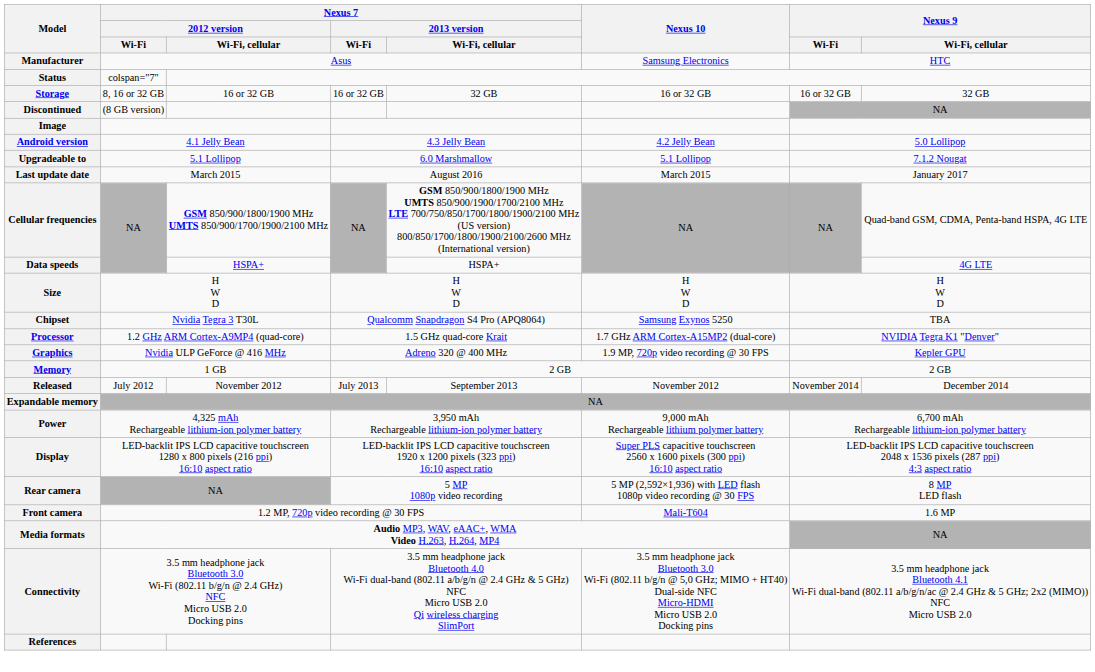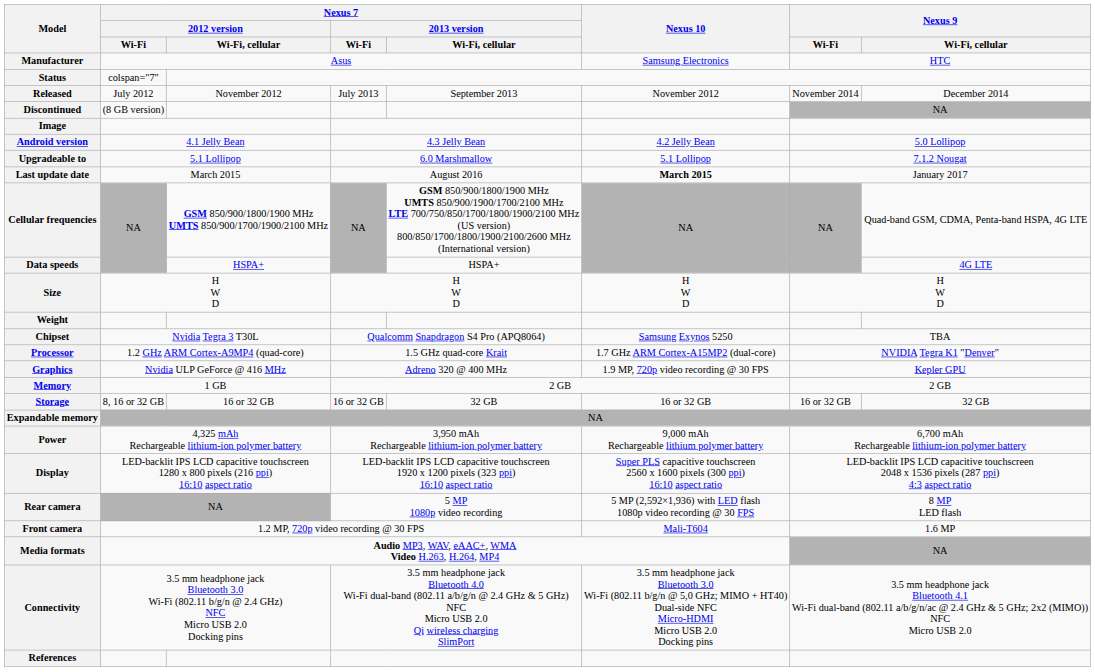 <table class="wikitable" style="text-align:center">
 <tr>
 <th rowspan="3">Model</th>
 <th colspan="4"><a href='#'>Nexus 7</a></th>
 <th rowspan="3"><a href='#'>Nexus 10</a></th>
 <th colspan="2" rowspan="2"><a href='#'>Nexus 9</a></th>
 </tr>
 <tr>
 <th colspan="2"><a href='#'>2012 version</a></th>
 <th colspan="2"><a href='#'>2013 version</a></th>
 </tr>
 <tr>
 <th>Wi-Fi</th>
 <th>Wi-Fi, cellular</th>
 <th>Wi-Fi</th>
 <th>Wi-Fi, cellular</th>
 <th>Wi-Fi</th>
 <th>Wi-Fi, cellular</th>
 </tr>
 <tr>
 <th>Manufacturer</th>
 <td colspan="4"><a href='#'>Asus</a></td>
 <td><a href='#'>Samsung Electronics</a></td>
 <td colspan="2"><a href='#'>HTC</a></td>
 </tr>
 <tr>
 <th>Status</th>
 <td>colspan="7" </td>
 </tr>
 <tr>
-<th><a href='#'>Storage</a></th>
-<td>8, 16 or 32 GB</td>
-<td>16 or 32 GB</td>
-<td>16 or 32 GB</td>
-<td>32 GB</td>
-<td>16 or 32 GB</td>
-<td>16 or 32 GB</td>
-<td>32 GB</td>
+<th>Released</th>
+<td>July 2012</td>
+<td>November 2012</td>
+<td>July 2013</td>
+<td>September 2013</td>
+<td>November 2012</td>
+<td>November 2014</td>
+<td>December 2014</td>
 </tr>
 <tr>
 <th>Discontinued</th>
 <td> (8 GB version)<br></td>
 <td></td>
 <td></td>
 <td></td>
 <td></td>
 <td colspan="2" style="background:rgb(70%,70%,70%);">NA</td>
 </tr>
 <tr>
 <th>Image</th>
 <td colspan="2"></td>
 <td colspan="2"></td>
 <td></td>
 <td colspan="2"></td>
 </tr>
 <tr>
 <th><a href='#'>Android version</a></th>
 <td colspan="2"><a href='#'>4.1 Jelly Bean</a></td>
 <td colspan="2"><a href='#'>4.3 Jelly Bean</a></td>
 <td><a href='#'>4.2 Jelly Bean</a></td>
 <td colspan="2"><a href='#'>5.0 Lollipop</a></td>
 </tr>
 <tr>
 <th><strong>Upgradeable to</strong></th>
 <td colspan="2"><a href='#'>5.1 Lollipop</a></td>
 <td colspan="2"><a href='#'>6.0 Marshmallow</a></td>
 <td colspan="1"><a href='#'>5.1 Lollipop</a></td>
 <td colspan="2"><a href='#'>7.1.2 Nougat</a></td>
 </tr>
 <tr>
 <th>Last update date</th>
 <td colspan="2">March 2015</td>
 <td colspan="2">August 2016</td>
-<td colspan="1">March 2015</td>
+<td colspan="1"><strong>March 2015</strong></td>
 <td colspan="2">January 2017</td>
 </tr>
 <tr>
 <th>Cellular frequencies</th>
 <td rowspan=2 style="background:rgb(70%,70%,70%);">NA</td>
 <td><strong><a href='#'>GSM</a></strong> 850/900/1800/1900 MHz <br> <strong><a href='#'>UMTS</a></strong> 850/900/1700/1900/2100 MHz</td>
 <td rowspan=2 style="background:rgb(70%,70%,70%);">NA</td>
 <td><strong>GSM</strong> 850/900/1800/1900 MHz<br><strong>UMTS</strong> 850/900/1900/1700/2100 MHz<br><strong><a href='#'>LTE</a></strong> 700/750/850/1700/1800/1900/2100 MHz<br> (US version)<br>800/850/1700/1800/1900/2100/2600 MHz <br>(International version)</td>
 <td rowspan=2 style="background:rgb(70%,70%,70%);">NA</td>
 <td rowspan=2 style="background:rgb(70%,70%,70%);">NA</td>
 <td>Quad-band GSM, CDMA, Penta-band HSPA, 4G LTE </td>
 </tr>
 <tr>
 <th>Data speeds</th>
 <td><a href='#'>HSPA+</a></td>
 <td>HSPA+</td>
 <td><a href='#'>4G LTE</a></td>
 </tr>
 <tr>
 <th>Size</th>
 <td colspan="2"> H <br>  W <br>  D</td>
 <td colspan="2"> H <br>  W <br>  D</td>
 <td> H <br>  W <br>  D</td>
 <td colspan="2"> H <br>  W <br>  D</td>
+</tr>
+<tr>
+<th>Weight</th>
+<td></td>
+<td></td>
+<td></td>
+<td></td>
+<td></td>
+<td></td>
+<td></td>
 </tr>
 <tr>
 <th>Chipset</th>
 <td colspan="2"><a href='#'>Nvidia</a> <a href='#'>Tegra 3</a> T30L</td>
 <td colspan="2"><a href='#'>Qualcomm</a> <a href='#'>Snapdragon</a> S4 Pro (APQ8064)</td>
 <td><a href='#'>Samsung</a> <a href='#'>Exynos</a> 5250</td>
 <td colspan="2">TBA</td>
 </tr>
 <tr>
 <th><a href='#'>Processor</a></th>
 <td colspan="2">1.2 <a href='#'>GHz</a> <a href='#'>ARM Cortex-A9MP4</a> (quad-core)</td>
 <td colspan="2">1.5 GHz quad-core <a href='#'>Krait</a></td>
 <td>1.7 GHz <a href='#'>ARM Cortex-A15MP2</a> (dual-core)</td>
 <td colspan="2"><a href='#'>NVIDIA</a> <a href='#'>Tegra K1</a> "<a href='#'>Denver</a>"</td>
 </tr>
 <tr>
 <th><a href='#'>Graphics</a></th>
 <td colspan="2"><a href='#'>Nvidia</a> ULP GeForce @ 416 <a href='#'>MHz</a></td>
 <td colspan="2"><a href='#'>Adreno</a> 320 @ 400 MHz</td>
 <td>1.9 MP, <a href='#'>720p</a> video recording @ 30 FPS</td>
 <td colspan="2"><a href='#'>Kepler GPU</a></td>
 </tr>
 <tr>
 <th><a href='#'>Memory</a></th>
 <td colspan="2">1 GB</td>
 <td colspan="3">2 GB</td>
 <td colspan="2">2 GB</td>
 </tr>
 <tr>
-<th>Released</th>
-<td>July 2012</td>
-<td>November 2012</td>
-<td>July 2013</td>
-<td>September 2013</td>
-<td>November 2012</td>
-<td>November 2014</td>
-<td>December 2014</td>
+<th><a href='#'>Storage</a></th>
+<td>8, 16 or 32 GB</td>
+<td>16 or 32 GB</td>
+<td>16 or 32 GB</td>
+<td>32 GB</td>
+<td>16 or 32 GB</td>
+<td>16 or 32 GB</td>
+<td>32 GB</td>
 </tr>
 <tr>
 <th>Expandable memory</th>
 <td colspan=7 style="background:rgb(70%,70%,70%);">NA</td>
 </tr>
 <tr>
 <th>Power</th>
 <td colspan="2">4,325 <a href='#'>mAh</a> <br>Rechargeable <a href='#'>lithium-ion polymer battery</a></td>
 <td colspan="2">3,950 mAh <br>Rechargeable <a href='#'>lithium-ion polymer battery</a></td>
 <td>9,000 mAh <br>Rechargeable <a href='#'>lithium polymer battery</a></td>
 <td colspan="2">6,700 mAh <br>Rechargeable <a href='#'>lithium-ion polymer battery</a></td>
 </tr>
 <tr>
 <th>Display</th>
 <td colspan="2"> LED-backlit IPS LCD capacitive touchscreen<br>1280 x 800 pixels (216 <a href='#'>ppi</a>)<br> <a href='#'>16:10</a> <a href='#'>aspect ratio</a></td>
 <td colspan="2"> LED-backlit IPS LCD capacitive touchscreen<br>1920 x 1200 pixels (323 <a href='#'>ppi</a>)<br> <a href='#'>16:10</a> <a href='#'>aspect ratio</a></td>
 <td> <a href='#'>Super PLS</a> capacitive touchscreen<br>2560 x 1600 pixels (300 <a href='#'>ppi</a>)<br> <a href='#'>16:10</a> <a href='#'>aspect ratio</a></td>
 <td colspan="2"> LED-backlit IPS LCD capacitive touchscreen<br>2048 x 1536 pixels (287 <a href='#'>ppi</a>)<br> <a href='#'>4:3</a> <a href='#'>aspect ratio</a></td>
 </tr>
 <tr>
 <th>Rear camera</th>
 <td colspan="2" style="background:rgb(70%,70%,70%);">NA</td>
 <td colspan="2">5 <a href='#'>MP</a> <br><a href='#'>1080p</a> video recording</td>
 <td>5 MP (2,592×1,936) with <a href='#'>LED</a> flash<br>1080p video recording @ 30 <a href='#'>FPS</a></td>
 <td colspan="2">8 <a href='#'>MP</a>  <br> LED flash</td>
 </tr>
 <tr>
 <th>Front camera</th>
 <td colspan="4">1.2 MP, <a href='#'>720p</a> video recording @ 30 FPS</td>
 <td><a href='#'>Mali-T604</a></td>
 <td colspan="2">1.6 MP</td>
 </tr>
 <tr>
 <th>Media formats</th>
 <td colspan="5"><strong>Audio</strong> <a href='#'>MP3</a>, <a href='#'>WAV</a>, <a href='#'>eAAC+</a>, <a href='#'>WMA</a> <br> <strong>Video</strong> <a href='#'>H.263</a>, <a href='#'>H.264</a>, <a href='#'>MP4</a></td>
 <td colspan="2" style="background:rgb(70%,70%,70%);">NA</td>
 </tr>
 <tr>
 <th>Connectivity</th>
 <td colspan="2">3.5 mm headphone jack <br><a href='#'>Bluetooth 3.0</a> <br>Wi-Fi (802.11 b/g/n @ 2.4 GHz) <br><a href='#'>NFC</a> <br>Micro USB 2.0 <br>Docking pins</td>
 <td colspan="2">3.5 mm headphone jack <br><a href='#'>Bluetooth 4.0</a> <br>Wi-Fi dual-band (802.11 a/b/g/n @ 2.4 GHz & 5 GHz) <br>NFC <br>Micro USB 2.0 <br><a href='#'>Qi</a> <a href='#'>wireless charging</a> <br><a href='#'>SlimPort</a></td>
 <td>3.5 mm headphone jack <br><a href='#'>Bluetooth 3.0</a> <br>Wi-Fi (802.11 b/g/n @ 5,0 GHz; MIMO + HT40) <br>Dual-side NFC <br><a href='#'>Micro-HDMI</a> <br>Micro USB 2.0 <br>Docking pins</td>
 <td colspan="2">3.5 mm headphone jack <br><a href='#'>Bluetooth 4.1</a> <br>Wi-Fi dual-band (802.11 a/b/g/n/ac @ 2.4 GHz & 5 GHz; 2x2 (MIMO)) <br>NFC <br>Micro USB 2.0</td>
 </tr>
 <tr>
 <th>References</th>
 <td></td>
 <td></td>
 <td colspan="2"></td>
 <td></td>
 <td colspan="2"></td>
 </tr>
 </table>
